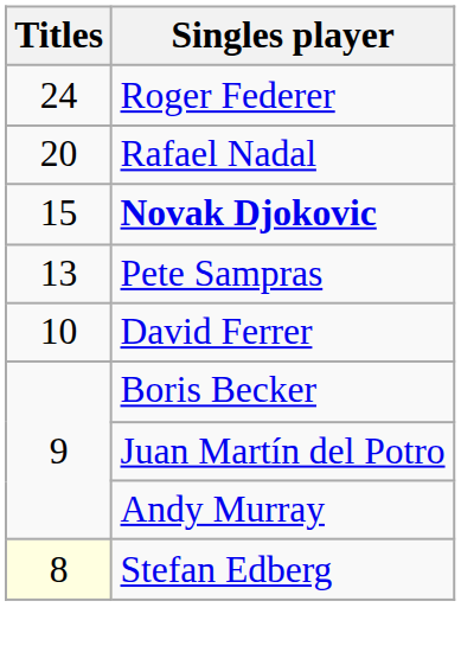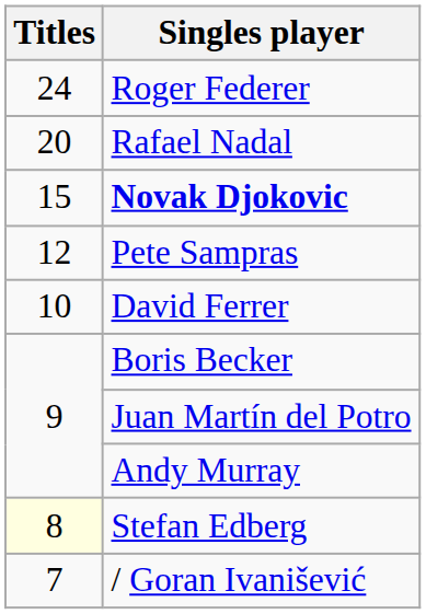 <table class="wikitable nowrap" style="display:inline-table;">
 <tr>
 <th>Titles</th>
 <th>Singles player</th>
 </tr>
 <tr>
 <td align=center>24</td>
 <td> <a href='#'>Roger Federer</a></td>
 </tr>
 <tr>
 <td align=center>20</td>
 <td> <a href='#'>Rafael Nadal</a></td>
 </tr>
 <tr>
 <td align=center>15</td>
 <td> <strong><a href='#'>Novak Djokovic</a></strong></td>
 </tr>
 <tr>
-<td align=center>13</td>
+<td align=center>12</td>
 <td> <a href='#'>Pete Sampras</a></td>
 </tr>
 <tr>
 <td align=center>10</td>
 <td> <a href='#'>David Ferrer</a></td>
 </tr>
 <tr>
 <td rowspan="3" align=center>9</td>
 <td> <a href='#'>Boris Becker</a></td>
 </tr>
 <tr>
 <td> <a href='#'>Juan Martín del Potro</a></td>
 </tr>
 <tr>
 <td> <a href='#'>Andy Murray</a></td>
 </tr>
 <tr>
 <td align=center style="background: lightyellow;">8</td>
 <td> <a href='#'>Stefan Edberg</a></td>
 </tr>
+<tr>
+<td align=center>7</td>
+<td>/ <a href='#'>Goran Ivanišević</a></td>
+</tr>
 </table>
